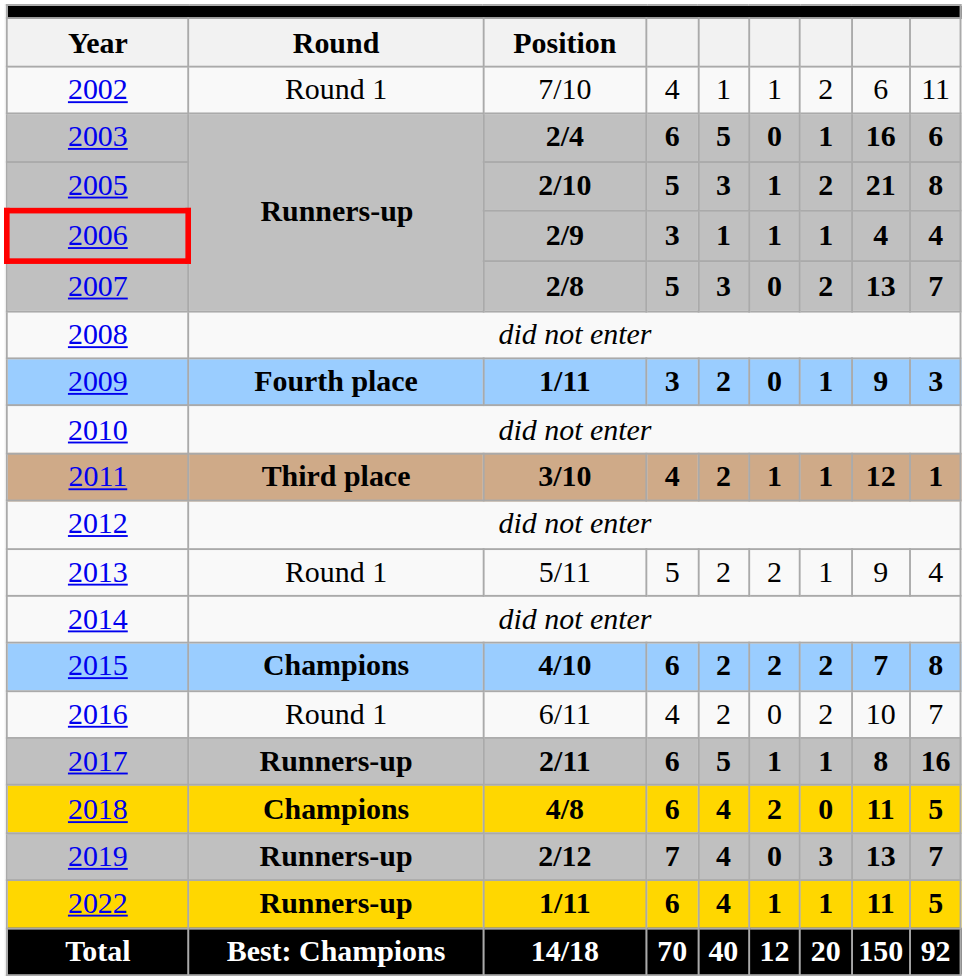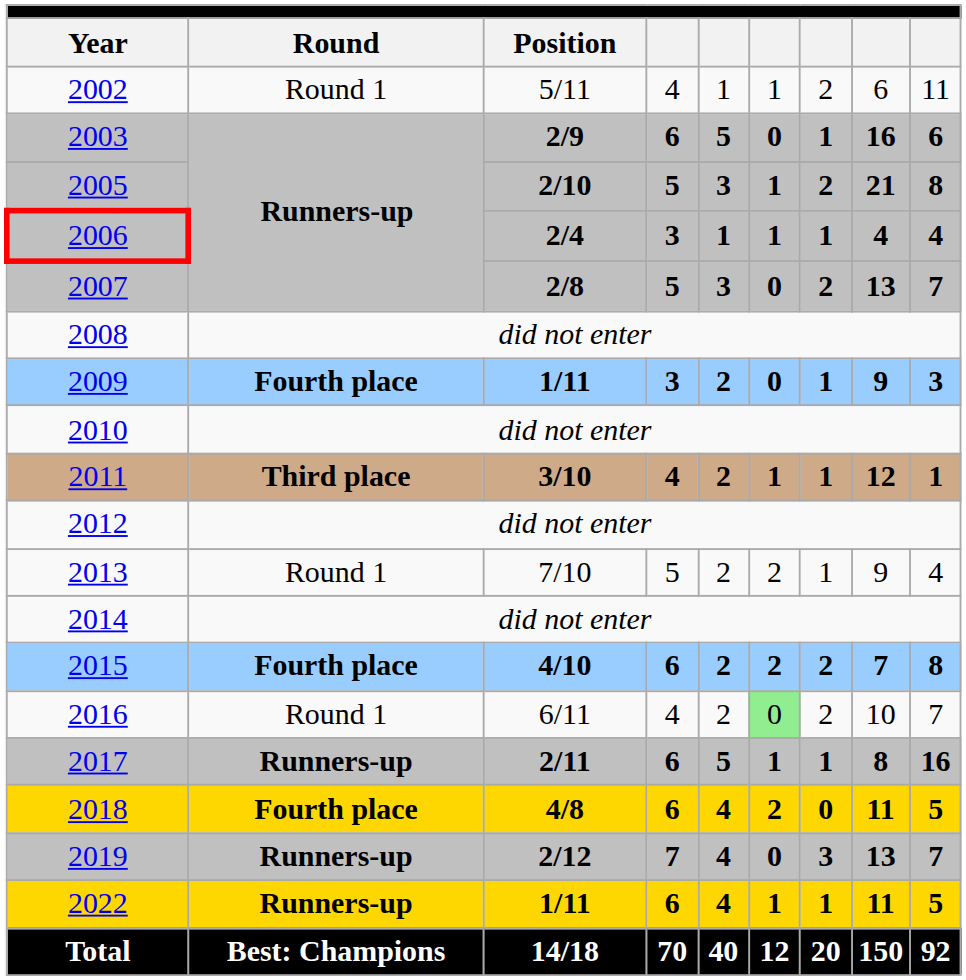 <table class="wikitable" style="text-align: center;">
 <tr>
 <th colspan=9 style="background: #000000; color: #FFFFFF;"><a href='#'></a></th>
 </tr>
 <tr>
 <th width=90>Year</th>
 <th width=150>Round</th>
 <th width=80>Position</th>
 <th width=20></th>
 <th width=20></th>
 <th width=20></th>
 <th width=20></th>
 <th width=20></th>
 <th width=20></th>
 </tr>
 <tr>
 <td> <a href='#'>2002</a></td>
 <td>Round 1</td>
-<td>7/10</td>
+<td>5/11</td>
 <td>4</td>
 <td>1</td>
 <td>1</td>
 <td>2</td>
 <td>6</td>
 <td>11</td>
 </tr>
 <tr bgcolor=silver>
 <td> <a href='#'>2003</a></td>
 <td rowspan=4><strong>Runners-up</strong></td>
-<td><strong>2/4</strong></td>
+<td><strong>2/9</strong></td>
 <td><strong>6</strong></td>
 <td><strong>5</strong></td>
 <td><strong>0</strong></td>
 <td><strong>1</strong></td>
 <td><strong>16</strong></td>
 <td><strong>6</strong></td>
 </tr>
 <tr bgcolor=silver>
 <td> <a href='#'>2005</a></td>
 <td><strong>2/10</strong></td>
 <td><strong>5</strong></td>
 <td><strong>3</strong></td>
 <td><strong>1</strong></td>
 <td><strong>2</strong></td>
 <td><strong>21</strong></td>
 <td><strong>8</strong></td>
 </tr>
 <tr bgcolor=silver>
 <td style="border: 3px solid red"> <a href='#'>2006</a></td>
-<td><strong>2/9</strong></td>
+<td><strong>2/4</strong></td>
 <td><strong>3</strong></td>
 <td><strong>1</strong></td>
 <td><strong>1</strong></td>
 <td><strong>1</strong></td>
 <td><strong>4</strong></td>
 <td><strong>4</strong></td>
 </tr>
 <tr bgcolor=silver>
 <td> <a href='#'>2007</a></td>
 <td><strong>2/8</strong></td>
 <td><strong>5</strong></td>
 <td><strong>3</strong></td>
 <td><strong>0</strong></td>
 <td><strong>2</strong></td>
 <td><strong>13</strong></td>
 <td><strong>7</strong></td>
 </tr>
 <tr>
 <td> <a href='#'>2008</a></td>
 <td colspan=8><em>did not enter</em></td>
 </tr>
 <tr style="background:#9acdff;">
 <td> <a href='#'>2009</a></td>
 <td><strong>Fourth place</strong></td>
 <td><strong>1/11</strong></td>
 <td><strong>3</strong></td>
 <td><strong>2</strong></td>
 <td><strong>0</strong></td>
 <td><strong>1</strong></td>
 <td><strong>9</strong></td>
 <td><strong>3</strong></td>
 </tr>
 <tr>
 <td> <a href='#'>2010</a></td>
 <td colspan=8><em>did not enter</em></td>
 </tr>
 <tr style="background:#cfaa88;">
 <td> <a href='#'>2011</a></td>
 <td><strong>Third place</strong></td>
 <td><strong>3/10</strong></td>
 <td><strong>4</strong></td>
 <td><strong>2</strong></td>
 <td><strong>1</strong></td>
 <td><strong>1</strong></td>
 <td><strong>12</strong></td>
 <td><strong>1</strong></td>
 </tr>
 <tr>
 <td> <a href='#'>2012</a></td>
 <td colspan=8><em>did not enter</em></td>
 </tr>
 <tr>
 <td> <a href='#'>2013</a></td>
 <td>Round 1</td>
-<td>5/11</td>
+<td>7/10</td>
 <td>5</td>
 <td>2</td>
 <td>2</td>
 <td>1</td>
 <td>9</td>
 <td>4</td>
 </tr>
 <tr>
 <td> <a href='#'>2014</a></td>
 <td colspan=8><em>did not enter</em></td>
 </tr>
 <tr style="background:#9acdff;">
 <td> <a href='#'>2015</a></td>
-<td><strong>Champions</strong></td>
+<td><strong>Fourth place</strong></td>
 <td><strong>4/10</strong></td>
 <td><strong>6</strong></td>
 <td><strong>2</strong></td>
 <td><strong>2</strong></td>
 <td><strong>2</strong></td>
 <td><strong>7</strong></td>
 <td><strong>8</strong></td>
 </tr>
 <tr>
 <td> <a href='#'>2016</a></td>
 <td>Round 1</td>
 <td>6/11</td>
 <td>4</td>
 <td>2</td>
-<td>0</td>
+<td style="background: lightgreen;">0</td>
 <td>2</td>
 <td>10</td>
 <td>7</td>
 </tr>
 <tr bgcolor=silver>
 <td> <a href='#'>2017</a></td>
 <td><strong>Runners-up</strong></td>
 <td><strong>2/11</strong></td>
 <td><strong>6</strong></td>
 <td><strong>5</strong></td>
 <td><strong>1</strong></td>
 <td><strong>1</strong></td>
 <td><strong>8</strong></td>
 <td><strong>16</strong></td>
 </tr>
 <tr bgcolor=Gold>
 <td> <a href='#'>2018</a></td>
-<td><strong>Champions</strong></td>
+<td><strong>Fourth place</strong></td>
 <td><strong>4/8</strong></td>
 <td><strong>6</strong></td>
 <td><strong>4</strong></td>
 <td><strong>2</strong></td>
 <td><strong>0</strong></td>
 <td><strong>11</strong></td>
 <td><strong>5</strong></td>
 </tr>
 <tr bgcolor=silver>
 <td> <a href='#'>2019</a></td>
 <td><strong>Runners-up</strong></td>
 <td><strong>2/12</strong></td>
 <td><strong>7</strong></td>
 <td><strong>4</strong></td>
 <td><strong>0</strong></td>
 <td><strong>3</strong></td>
 <td><strong>13</strong></td>
 <td><strong>7</strong></td>
 </tr>
 <tr bgcolor=Gold>
 <td> <a href='#'>2022</a></td>
 <td><strong>Runners-up</strong></td>
 <td><strong>1/11</strong></td>
 <td><strong>6</strong></td>
 <td><strong>4</strong></td>
 <td><strong>1</strong></td>
 <td><strong>1</strong></td>
 <td><strong>11</strong></td>
 <td><strong>5</strong></td>
 </tr>
 <tr bgcolor=silver>
 <td style="background: #000000; color: #FFFFFF;"><strong>Total</strong></td>
 <td style="background: #000000; color: #FFFFFF;"><strong>Best: Champions</strong></td>
 <td style="background: #000000; color: #FFFFFF;"><strong>14/18</strong></td>
 <td style="background: #000000; color: #FFFFFF;"><strong>70</strong></td>
 <td style="background: #000000; color: #FFFFFF;"><strong>40</strong></td>
 <td style="background: #000000; color: #FFFFFF;"><strong>12</strong></td>
 <td style="background: #000000; color: #FFFFFF;"><strong>20</strong></td>
 <td style="background: #000000; color: #FFFFFF;"><strong>150</strong></td>
 <td style="background: #000000; color: #FFFFFF;"><strong>92</strong></td>
 </tr>
 </table>
